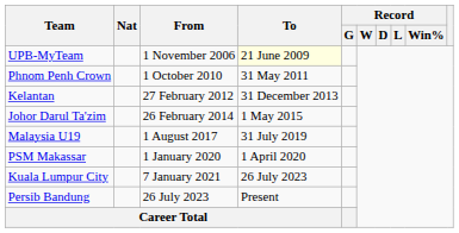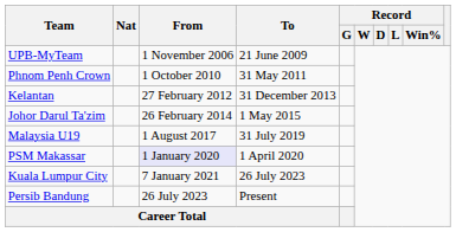 <table class="wikitable" style="text-align:center">
 <tr>
 <th rowspan="2">Team</th>
 <th rowspan="2">Nat</th>
 <th rowspan="2">From</th>
 <th rowspan="2">To</th>
 <th colspan="5">Record</th>
 <th rowspan="2"></th>
 </tr>
 <tr>
 <th>G</th>
 <th>W</th>
 <th>D</th>
 <th>L</th>
 <th>Win%</th>
 </tr>
 <tr>
 <td align="left"><a href='#'>UPB-MyTeam</a></td>
 <td></td>
 <td align="left">1 November 2006</td>
-<td align="left" style="background: lightyellow;">21 June 2009<br></td>
+<td align="left">21 June 2009<br></td>
 <td></td>
 </tr>
 <tr>
 <td align="left"><a href='#'>Phnom Penh Crown</a></td>
 <td></td>
 <td align="left">1 October 2010</td>
 <td align="left">31 May 2011<br></td>
 <td></td>
 </tr>
 <tr>
 <td align="left"><a href='#'>Kelantan</a></td>
 <td></td>
 <td align="left">27 February 2012</td>
 <td align="left">31 December 2013<br></td>
 <td></td>
 </tr>
 <tr>
 <td align="left"><a href='#'>Johor Darul Ta'zim</a></td>
 <td></td>
 <td align="left">26 February 2014</td>
 <td align="left">1 May 2015<br></td>
 <td></td>
 </tr>
 <tr>
 <td align="left"><a href='#'>Malaysia U19</a></td>
 <td></td>
 <td align="left">1 August 2017</td>
 <td align="left">31 July 2019<br></td>
 <td></td>
 </tr>
 <tr>
 <td align="left"><a href='#'>PSM Makassar</a></td>
 <td></td>
-<td align="left">1 January 2020</td>
+<td align="left" style="background: lavender;">1 January 2020</td>
 <td align="left">1 April 2020<br></td>
 <td></td>
 </tr>
 <tr>
 <td align="left"><a href='#'>Kuala Lumpur City</a></td>
 <td></td>
 <td align="left">7 January 2021</td>
 <td align="left">26 July 2023<br></td>
 <td></td>
 </tr>
 <tr>
 <td align="left"><a href='#'>Persib Bandung</a></td>
 <td align="left"></td>
 <td align="left">26 July 2023</td>
 <td align="left">Present<br></td>
 <td></td>
 </tr>
 <tr>
 <th colspan="4">Career Total<br></th>
 <th></th>
 </tr>
 </table>
